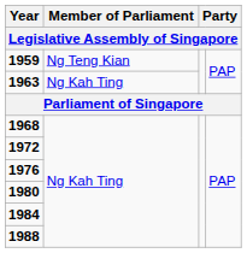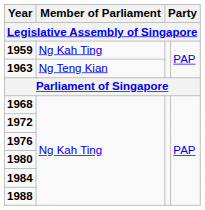 <table class="wikitable">
 <tr>
 <th>Year</th>
 <th>Member of Parliament</th>
 <th colspan="2">Party</th>
 </tr>
 <tr>
 <th colspan="4"><a href='#'>Legislative Assembly of Singapore</a></th>
 </tr>
 <tr>
 <td><strong>1959</strong></td>
-<td><a href='#'>Ng Teng Kian</a></td>
+<td><a href='#'>Ng Kah Ting</a></td>
 <td rowspan="2"></td>
 <td rowspan="2"><a href='#'>PAP</a></td>
 </tr>
 <tr>
 <td><strong>1963</strong></td>
-<td><a href='#'>Ng Kah Ting</a></td>
+<td><a href='#'>Ng Teng Kian</a></td>
 </tr>
 <tr>
 <th colspan="4"><a href='#'>Parliament of Singapore</a></th>
 </tr>
 <tr>
 <td><strong>1968</strong></td>
 <td rowspan="6"><a href='#'>Ng Kah Ting</a></td>
 <td rowspan="6"></td>
 <td rowspan="6"><a href='#'>PAP</a></td>
 </tr>
 <tr>
 <td><strong>1972</strong></td>
 </tr>
 <tr>
 <td><strong>1976</strong></td>
 </tr>
 <tr>
 <td><strong>1980</strong></td>
 </tr>
 <tr>
 <td><strong>1984</strong></td>
 </tr>
 <tr>
 <td><strong>1988</strong></td>
 </tr>
 </table>
